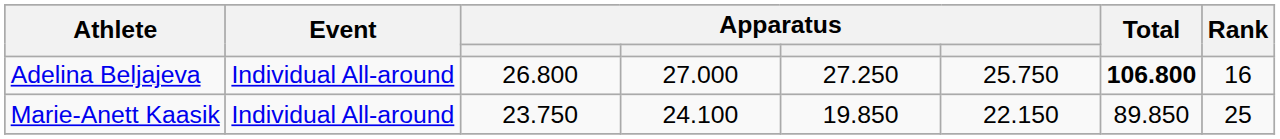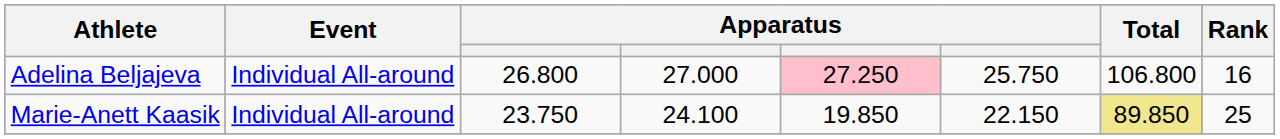 <table class="wikitable" style="font-size:90%; text-align:center">
 <tr>
 <th rowspan="2">Athlete</th>
 <th rowspan="2">Event</th>
 <th colspan="4">Apparatus</th>
 <th rowspan="2">Total</th>
 <th rowspan="2">Rank</th>
 </tr>
 <tr>
 <th style="width:6em"></th>
 <th style="width:6em"></th>
 <th style="width:6em"></th>
 <th style="width:6em"></th>
 </tr>
 <tr>
 <td align="left"><a href='#'>Adelina Beljajeva</a></td>
 <td align="left"><a href='#'>Individual All-around</a></td>
 <td>26.800</td>
 <td>27.000</td>
-<td>27.250</td>
+<td style="background: pink;">27.250</td>
 <td>25.750</td>
-<td><strong>106.800</strong></td>
+<td>106.800</td>
 <td>16</td>
 </tr>
 <tr>
 <td align="left"><a href='#'>Marie-Anett Kaasik</a></td>
 <td align="left"><a href='#'>Individual All-around</a></td>
 <td>23.750</td>
 <td>24.100</td>
 <td>19.850</td>
 <td>22.150</td>
-<td>89.850</td>
+<td style="background: khaki;">89.850</td>
 <td>25</td>
 </tr>
 </table>
